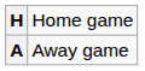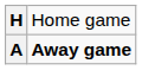 <table class="wikitable plainrowheaders" style="font-size:90%;">
 <tr>
 <th scope=row><strong>H</strong></th>
 <td>Home game</td>
 </tr>
 <tr>
 <th scope=row><strong>A</strong></th>
-<td>Away game</td>
+<td><strong>Away game</strong></td>
 </tr>
 </table>
